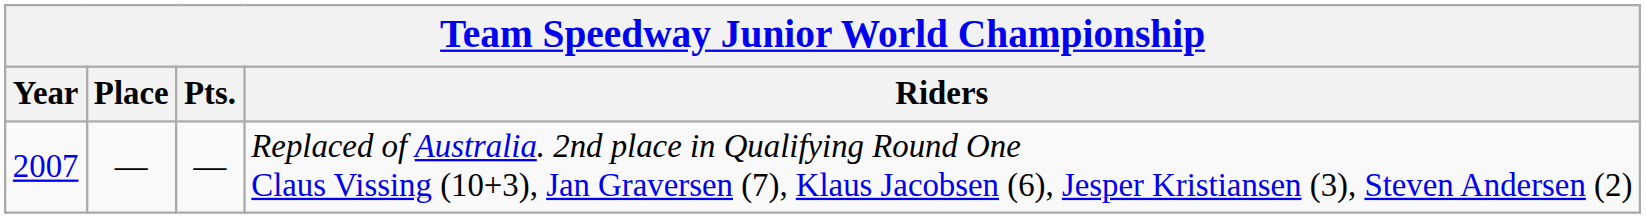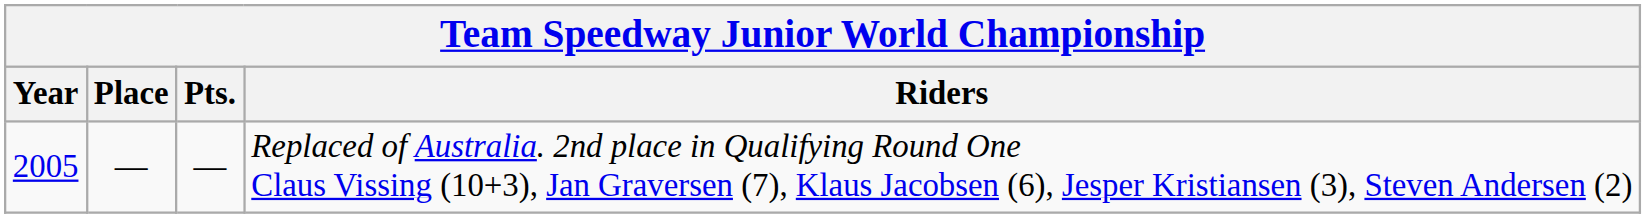 <table class=wikitable style="font-size: 90%;">
 <tr>
 <th colspan=4><big><a href='#'>Team Speedway Junior World Championship</a></big></th>
 </tr>
 <tr>
 <th>Year</th>
 <th>Place</th>
 <th>Pts.</th>
 <th>Riders</th>
 </tr>
 <tr align=center>
-<td><a href='#'>2007</a></td>
+<td><a href='#'>2005</a></td>
 <td>—</td>
 <td>—</td>
 <td align=left><em>Replaced of <a href='#'>Australia</a>. 2nd place in Qualifying Round One</em> <br><a href='#'>Claus Vissing</a> (10+3), <a href='#'>Jan Graversen</a> (7), <a href='#'>Klaus Jacobsen</a> (6), <a href='#'>Jesper Kristiansen</a> (3), <a href='#'>Steven Andersen</a> (2)</td>
 </tr>
 </table>
